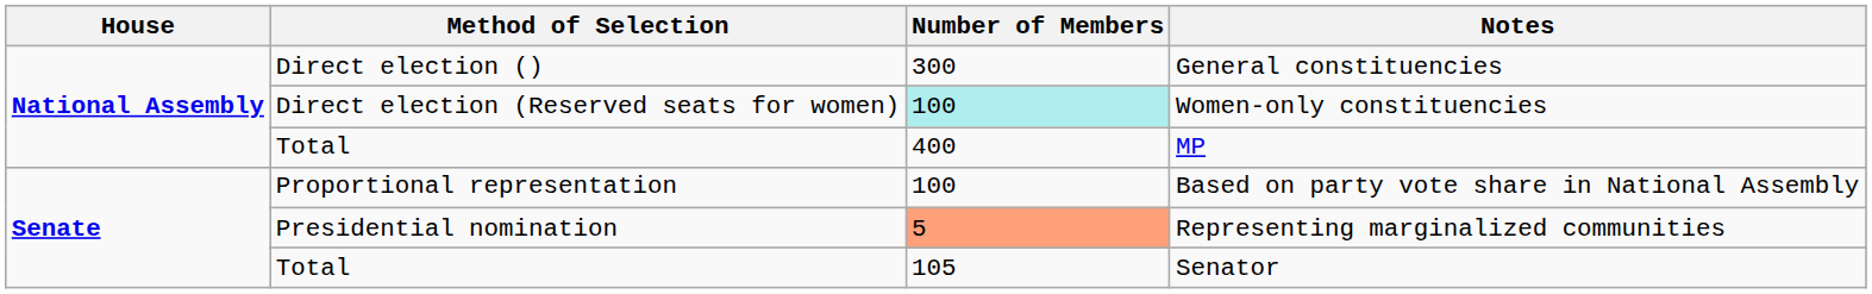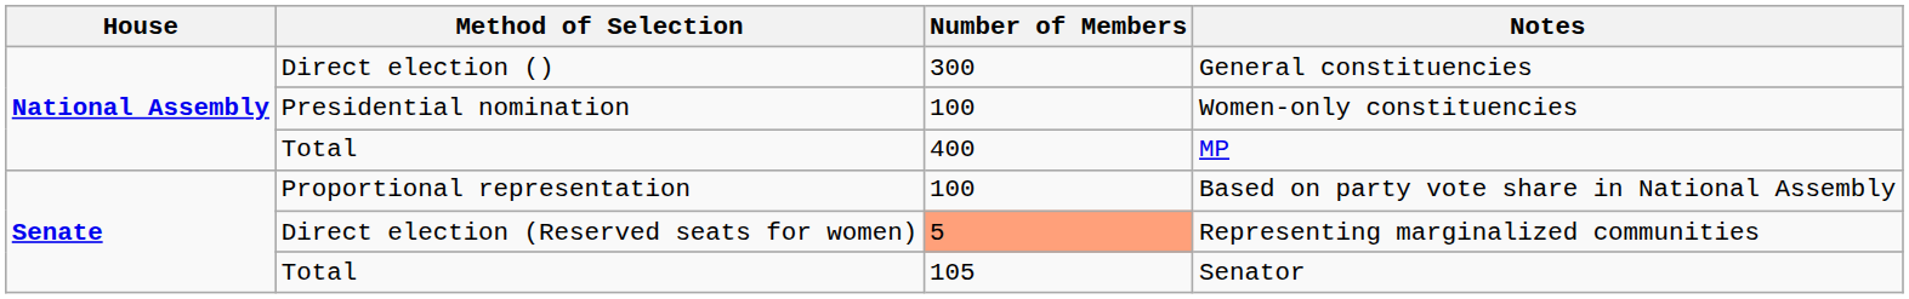 <table class="wikitable">
 <tr>
 <th>House</th>
 <th>Method of Selection</th>
 <th>Number of Members</th>
 <th>Notes</th>
 </tr>
 <tr>
 <td rowspan="3"><strong><a href='#'>National Assembly</a></strong></td>
 <td>Direct election ()</td>
 <td>300</td>
 <td>General constituencies</td>
 </tr>
 <tr>
-<td>Direct election (Reserved seats for women)</td>
-<td style="background: paleturquoise;">100</td>
+<td>Presidential nomination</td>
+<td>100</td>
 <td>Women-only constituencies</td>
 </tr>
 <tr>
 <td>Total</td>
 <td>400</td>
 <td><a href='#'>MP</a></td>
 </tr>
 <tr>
 <td rowspan="3"><strong><a href='#'>Senate</a></strong></td>
 <td>Proportional representation</td>
 <td>100</td>
 <td>Based on party vote share in National Assembly</td>
 </tr>
 <tr>
-<td>Presidential nomination</td>
+<td>Direct election (Reserved seats for women)</td>
 <td style="background: lightsalmon;">5</td>
 <td>Representing marginalized communities</td>
 </tr>
 <tr>
 <td>Total</td>
 <td>105</td>
 <td>Senator</td>
 </tr>
 </table>
